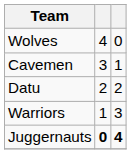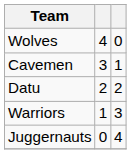 <table class="wikitable" style="text-align: center">
 <tr>
 <th>Team</th>
 <th></th>
 <th></th>
 </tr>
 <tr>
 <td align=left>Wolves</td>
 <td>4</td>
 <td>0</td>
 </tr>
 <tr>
 <td align=left>Cavemen</td>
 <td>3</td>
 <td>1</td>
 </tr>
 <tr>
 <td align=left>Datu</td>
 <td>2</td>
 <td>2</td>
 </tr>
 <tr>
 <td align=left>Warriors</td>
 <td>1</td>
 <td>3</td>
 </tr>
 <tr>
 <td align=left>Juggernauts</td>
-<td><strong>0</strong></td>
-<td><strong>4</strong></td>
+<td>0</td>
+<td>4</td>
 </tr>
 <tr>
 </tr>
 </table>
